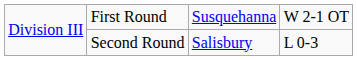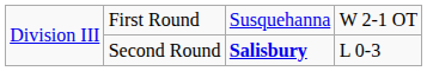 <table class="wikitable">
 <tr>
 <td rowspan="3"><a href='#'>Division III</a></td>
 <td>First Round</td>
 <td><a href='#'>Susquehanna</a></td>
 <td>W 2-1 OT</td>
 </tr>
 <tr>
 <td>Second Round</td>
-<td><a href='#'>Salisbury</a></td>
+<td><strong><a href='#'>Salisbury</a></strong></td>
 <td>L 0-3</td>
 </tr>
 </table>
